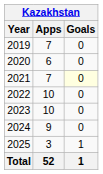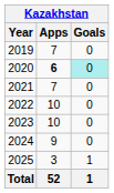 <table class="wikitable" style="text-align:center">
 <tr>
 <th colspan=8><a href='#'>Kazakhstan</a></th>
 </tr>
 <tr>
 <th>Year</th>
 <th>Apps</th>
 <th>Goals</th>
 </tr>
 <tr>
 <td>2019</td>
 <td>7</td>
 <td>0</td>
 </tr>
 <tr>
 <td>2020</td>
-<td>6</td>
-<td>0</td>
+<td><strong>6</strong></td>
+<td style="background: paleturquoise;">0</td>
 </tr>
 <tr>
 <td>2021</td>
 <td>7</td>
-<td style="background: lightyellow;">0</td>
+<td>0</td>
 </tr>
 <tr>
 <td>2022</td>
 <td>10</td>
 <td>0</td>
 </tr>
 <tr>
 <td>2023</td>
 <td>10</td>
 <td>0</td>
 </tr>
 <tr>
 <td>2024</td>
 <td>9</td>
 <td>0</td>
 </tr>
 <tr>
 <td>2025</td>
 <td>3</td>
 <td>1</td>
 </tr>
 <tr>
 <th>Total</th>
 <th>52</th>
 <th>1</th>
 </tr>
 </table>
